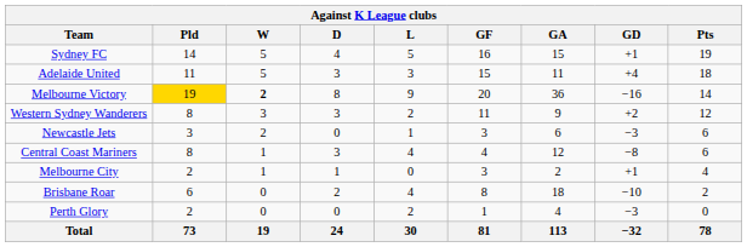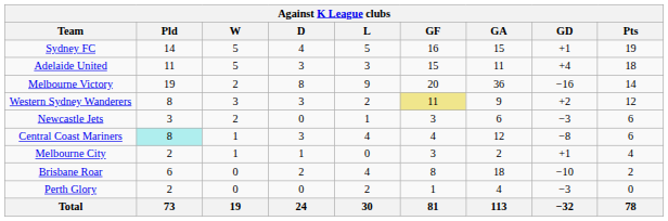 <table width=60% class="wikitable" style="text-align:center">
 <tr>
 <th colspan=9>Against <a href='#'>K League</a> clubs</th>
 </tr>
 <tr>
 <th width=10%>Team</th>
 <th width=5%>Pld</th>
 <th width=5%>W</th>
 <th width=5%>D</th>
 <th width=5%>L</th>
 <th width=5%>GF</th>
 <th width=5%>GA</th>
 <th width=5%>GD</th>
 <th width=5%>Pts</th>
 </tr>
 <tr>
 <td><a href='#'>Sydney FC</a></td>
 <td>14</td>
 <td>5</td>
 <td>4</td>
 <td>5</td>
 <td>16</td>
 <td>15</td>
 <td>+1</td>
 <td>19</td>
 </tr>
 <tr>
 <td align=center><a href='#'>Adelaide United</a></td>
 <td>11</td>
 <td>5</td>
 <td>3</td>
 <td>3</td>
 <td>15</td>
 <td>11</td>
 <td>+4</td>
 <td>18</td>
 </tr>
 <tr>
 <td><a href='#'>Melbourne Victory</a></td>
-<td style="background: gold;">19</td>
-<td><strong>2</strong></td>
+<td>19</td>
+<td>2</td>
 <td>8</td>
 <td>9</td>
 <td>20</td>
 <td>36</td>
 <td>−16</td>
 <td>14</td>
 </tr>
 <tr>
 <td><a href='#'>Western Sydney Wanderers</a></td>
 <td>8</td>
 <td>3</td>
 <td>3</td>
 <td>2</td>
-<td>11</td>
+<td style="background: khaki;">11</td>
 <td>9</td>
 <td>+2</td>
 <td>12</td>
 </tr>
 <tr>
 <td><a href='#'>Newcastle Jets</a></td>
 <td>3</td>
 <td>2</td>
 <td>0</td>
 <td>1</td>
 <td>3</td>
 <td>6</td>
 <td>−3</td>
 <td>6</td>
 </tr>
 <tr>
 <td><a href='#'>Central Coast Mariners</a></td>
-<td>8</td>
+<td style="background: paleturquoise;">8</td>
 <td>1</td>
 <td>3</td>
 <td>4</td>
 <td>4</td>
 <td>12</td>
 <td>−8</td>
 <td>6</td>
 </tr>
 <tr>
 <td><a href='#'>Melbourne City</a></td>
 <td>2</td>
 <td>1</td>
 <td>1</td>
 <td>0</td>
 <td>3</td>
 <td>2</td>
 <td>+1</td>
 <td>4</td>
 </tr>
 <tr>
 <td><a href='#'>Brisbane Roar</a></td>
 <td>6</td>
 <td>0</td>
 <td>2</td>
 <td>4</td>
 <td>8</td>
 <td>18</td>
 <td>−10</td>
 <td>2</td>
 </tr>
 <tr>
 <td><a href='#'>Perth Glory</a></td>
 <td>2</td>
 <td>0</td>
 <td>0</td>
 <td>2</td>
 <td>1</td>
 <td>4</td>
 <td>−3</td>
 <td>0</td>
 </tr>
 <tr>
 <th>Total</th>
 <th>73</th>
 <th>19</th>
 <th>24</th>
 <th>30</th>
 <th>81</th>
 <th>113</th>
 <th>−32</th>
 <th>78</th>
 </tr>
 </table>
